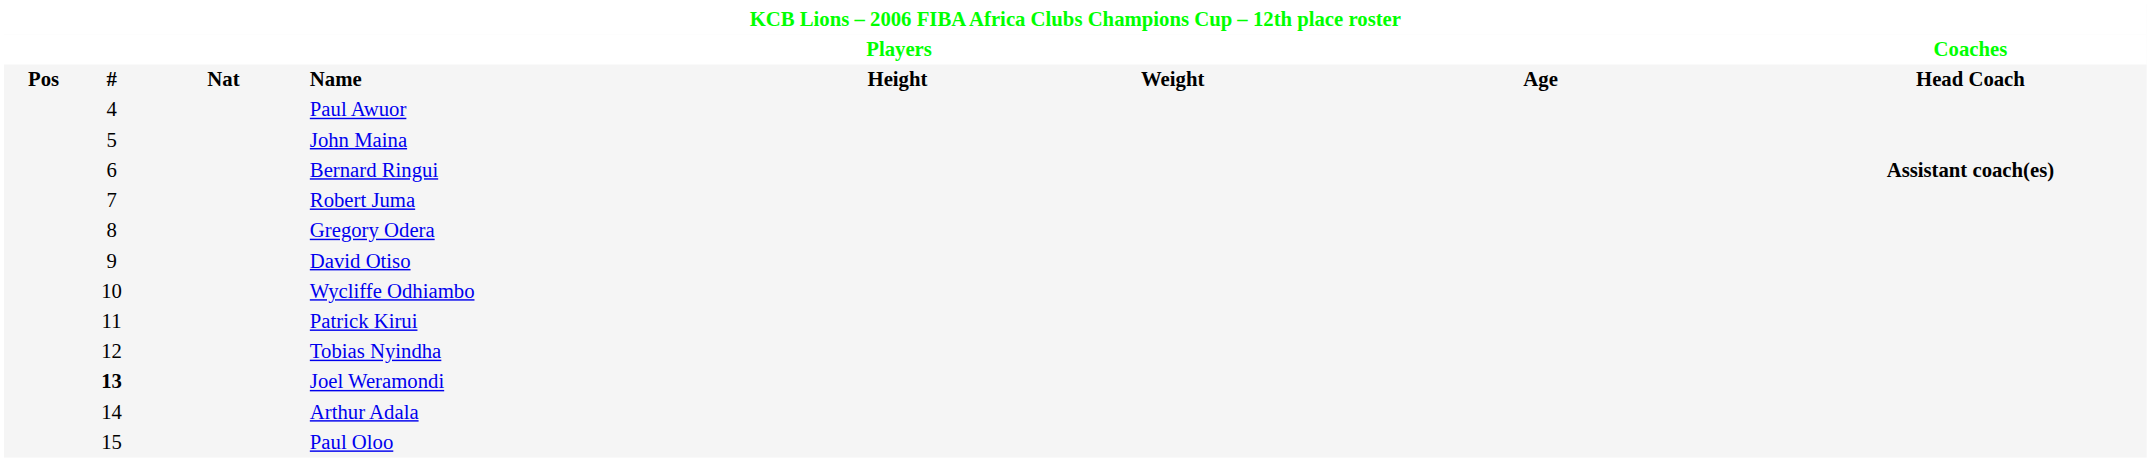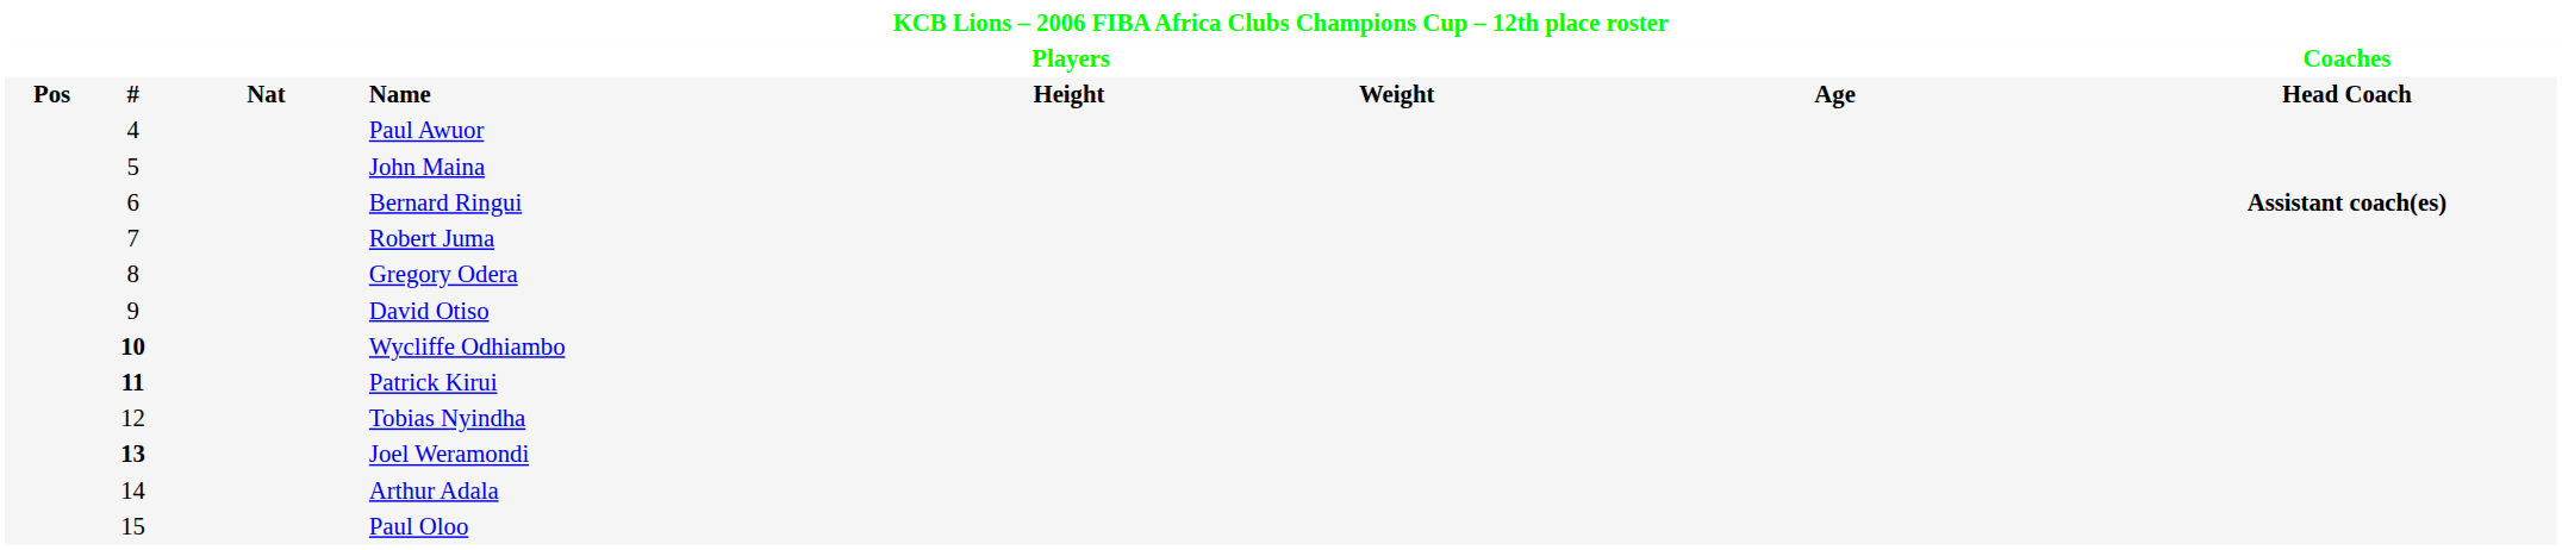 <table border=0 cellpadding=2 cellspacing=0  |- bgcolor=#f5f5f5 style="text-align:center; font-size:90%;" width=75%>
 <tr>
 <td colspan="8" style="background: white; color: #00ff00"><strong>KCB Lions – 2006 FIBA Africa Clubs Champions Cup – 12th place roster</strong></td>
 </tr>
 <tr>
 <td colspan="7" style="background: white; color: #00ff00"><strong>Players</strong></td>
 <td style="background: white; color: #00ff00"><strong>Coaches</strong></td>
 </tr>
 <tr style="background=#f5f5f5; color: black">
 <th width=5px>Pos</th>
 <th width=5px>#</th>
 <th width=50px>Nat</th>
 <th width=135px align=left>Name</th>
 <th width=100px>Height</th>
 <th width=70px>Weight</th>
 <th width=160px>Age</th>
 <th width=110px>Head Coach</th>
 </tr>
 <tr>
 <td></td>
 <td>4</td>
 <td></td>
 <td align=left><a href='#'>Paul Awuor</a></td>
 <td></td>
 <td></td>
 <td><span></span></td>
 <td></td>
 </tr>
 <tr>
 <td></td>
 <td>5</td>
 <td></td>
 <td align=left><a href='#'>John Maina</a></td>
 <td></td>
 <td></td>
 <td><span></span></td>
 </tr>
 <tr>
 <td></td>
 <td>6</td>
 <td></td>
 <td align=left><a href='#'>Bernard Ringui</a></td>
 <td></td>
 <td></td>
 <td><span></span></td>
 <td><strong>Assistant coach(es)</strong></td>
 </tr>
 <tr>
 <td></td>
 <td>7</td>
 <td></td>
 <td align=left><a href='#'>Robert Juma</a></td>
 <td></td>
 <td></td>
 <td><span></span></td>
 </tr>
 <tr>
 <td></td>
 <td>8</td>
 <td></td>
 <td align=left><a href='#'>Gregory Odera</a></td>
 <td></td>
 <td></td>
 <td><span></span></td>
 </tr>
 <tr>
 <td></td>
 <td>9</td>
 <td></td>
 <td align=left><a href='#'>David Otiso</a></td>
 <td></td>
 <td></td>
 <td><span></span></td>
 </tr>
 <tr>
 <td></td>
-<td>10</td>
+<td><strong>10</strong></td>
 <td></td>
 <td align=left><a href='#'>Wycliffe Odhiambo</a></td>
 <td></td>
 <td></td>
 <td><span></span></td>
 </tr>
 <tr>
 <td></td>
-<td>11</td>
+<td><strong>11</strong></td>
 <td></td>
 <td align=left><a href='#'>Patrick Kirui</a></td>
 <td></td>
 <td></td>
 <td><span></span></td>
 </tr>
 <tr>
 <td></td>
 <td>12</td>
 <td></td>
 <td align=left><a href='#'>Tobias Nyindha</a></td>
 <td></td>
 <td></td>
 <td><span></span></td>
 <td></td>
 </tr>
 <tr>
 <td></td>
 <td><strong>13</strong></td>
 <td></td>
 <td align=left><a href='#'>Joel Weramondi</a></td>
 <td></td>
 <td></td>
 <td><span></span></td>
 <td></td>
 </tr>
 <tr>
 <td></td>
 <td>14</td>
 <td></td>
 <td align=left><a href='#'>Arthur Adala</a></td>
 <td></td>
 <td></td>
 <td><span></span></td>
 <td></td>
 </tr>
 <tr>
 <td></td>
 <td>15</td>
 <td></td>
 <td align=left><a href='#'>Paul Oloo</a></td>
 <td></td>
 <td></td>
 <td><span></span></td>
 </tr>
 </table>
